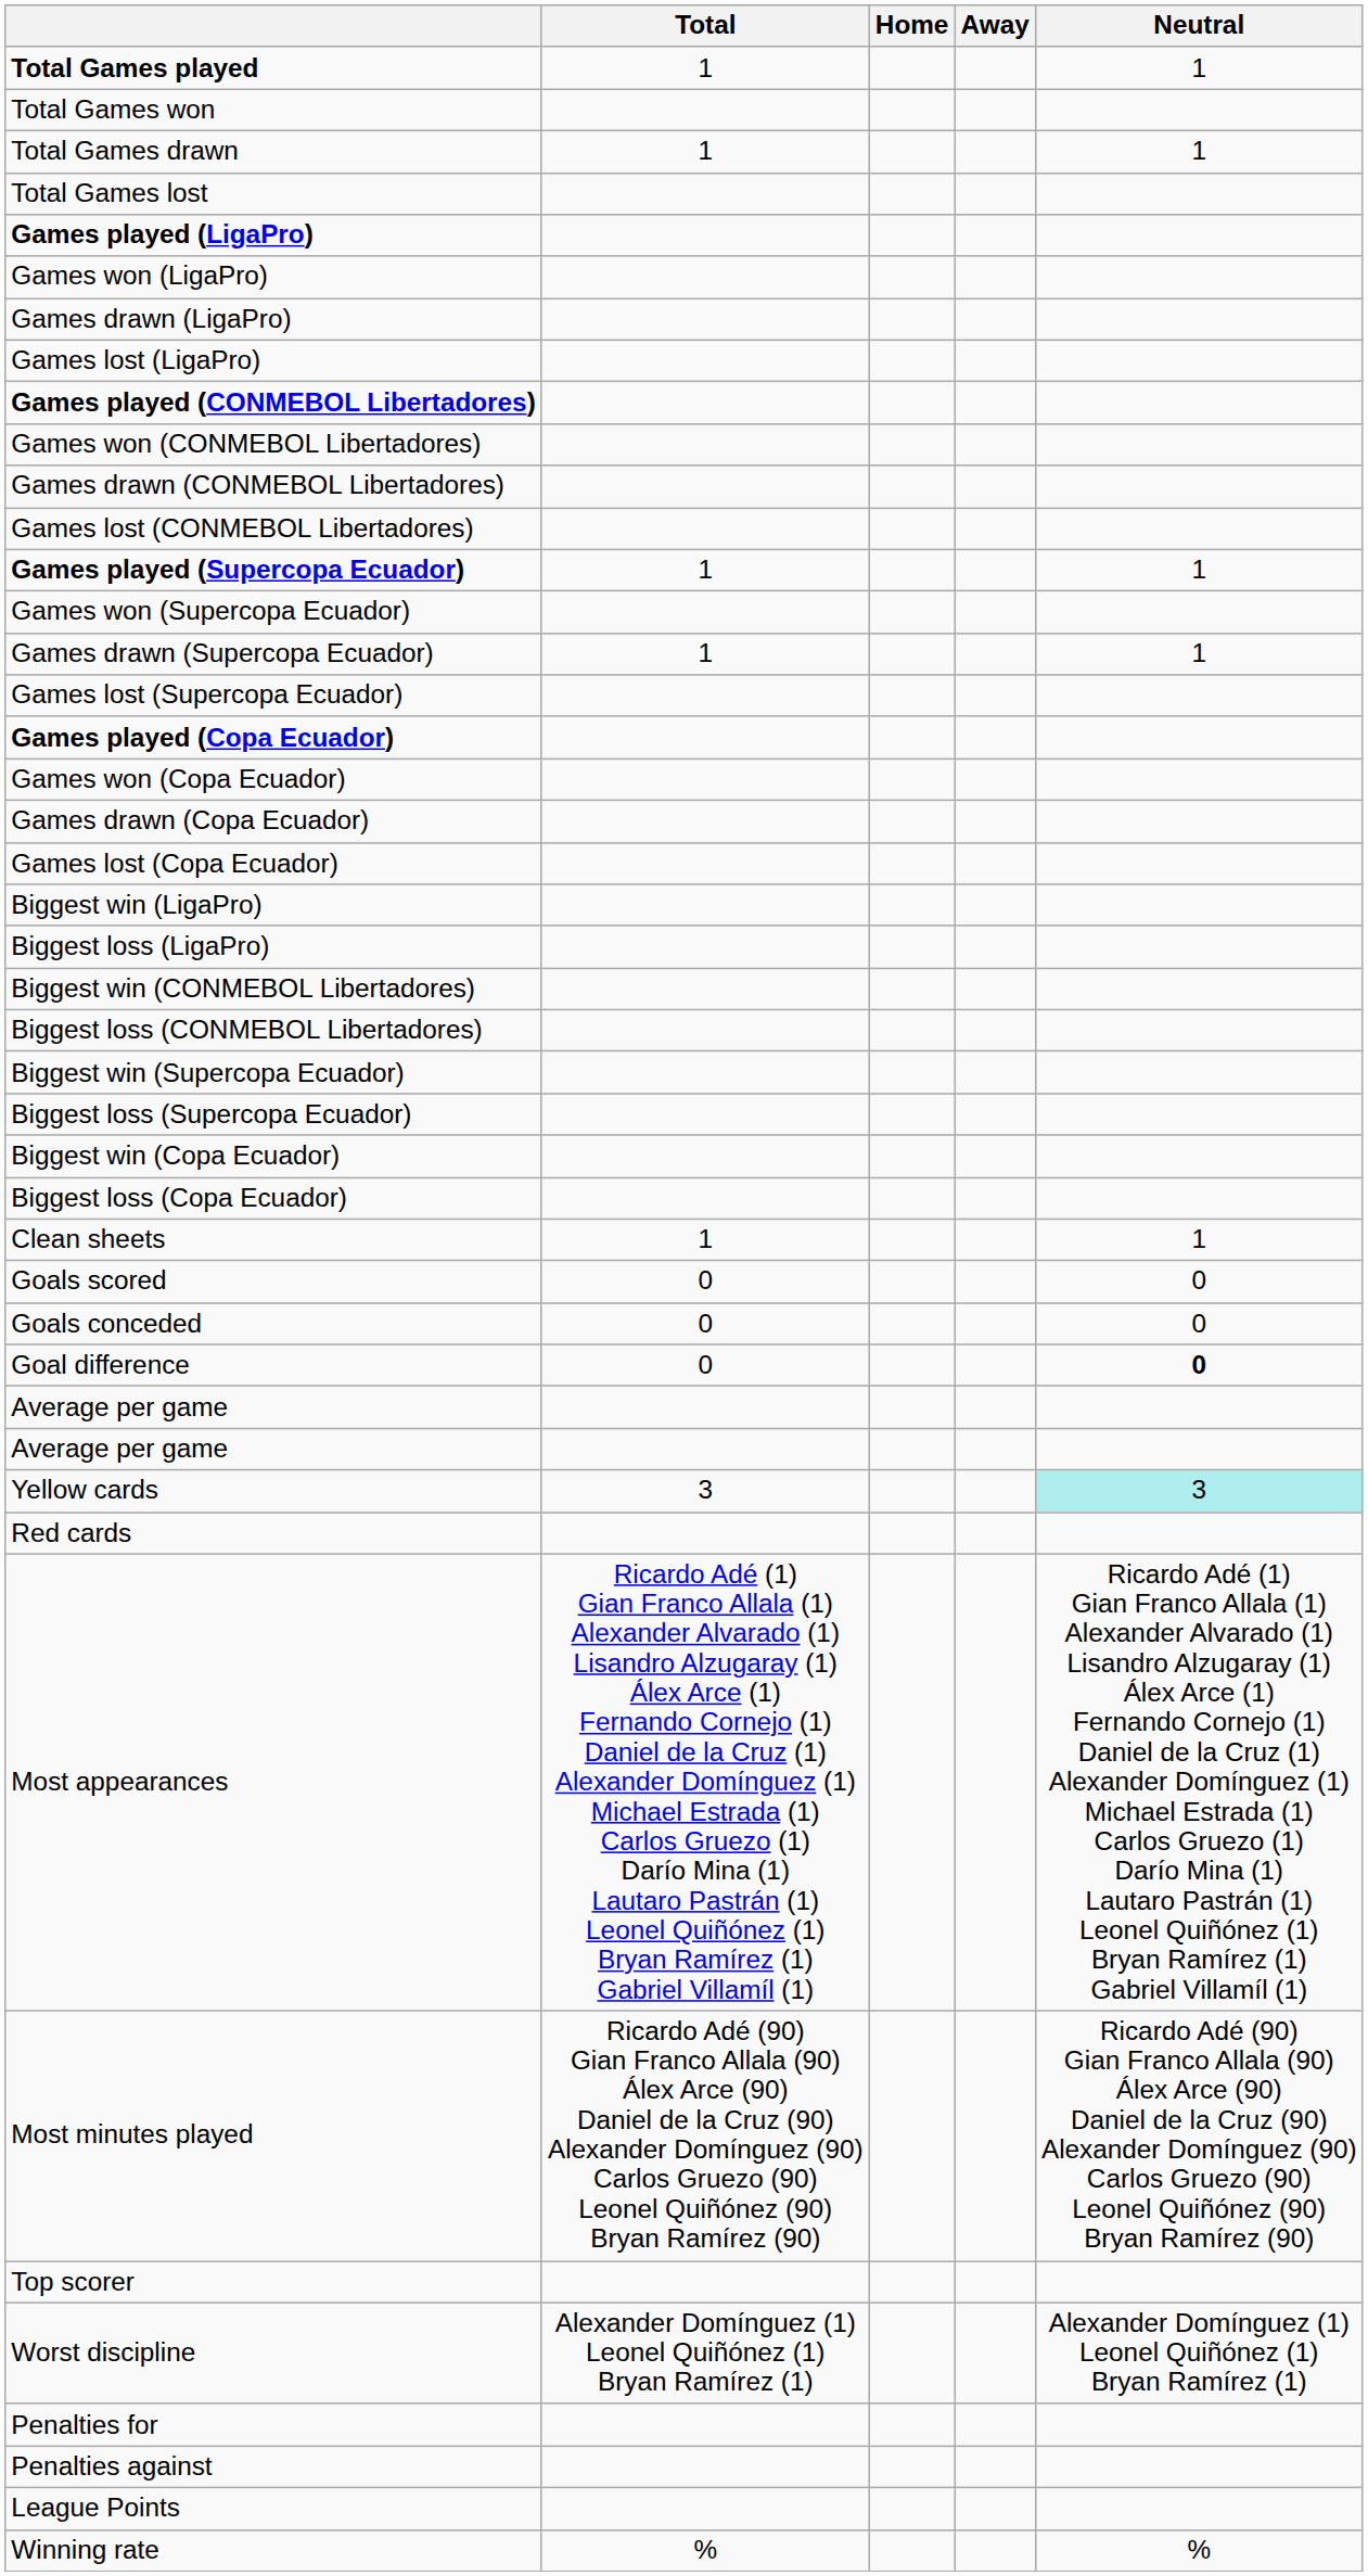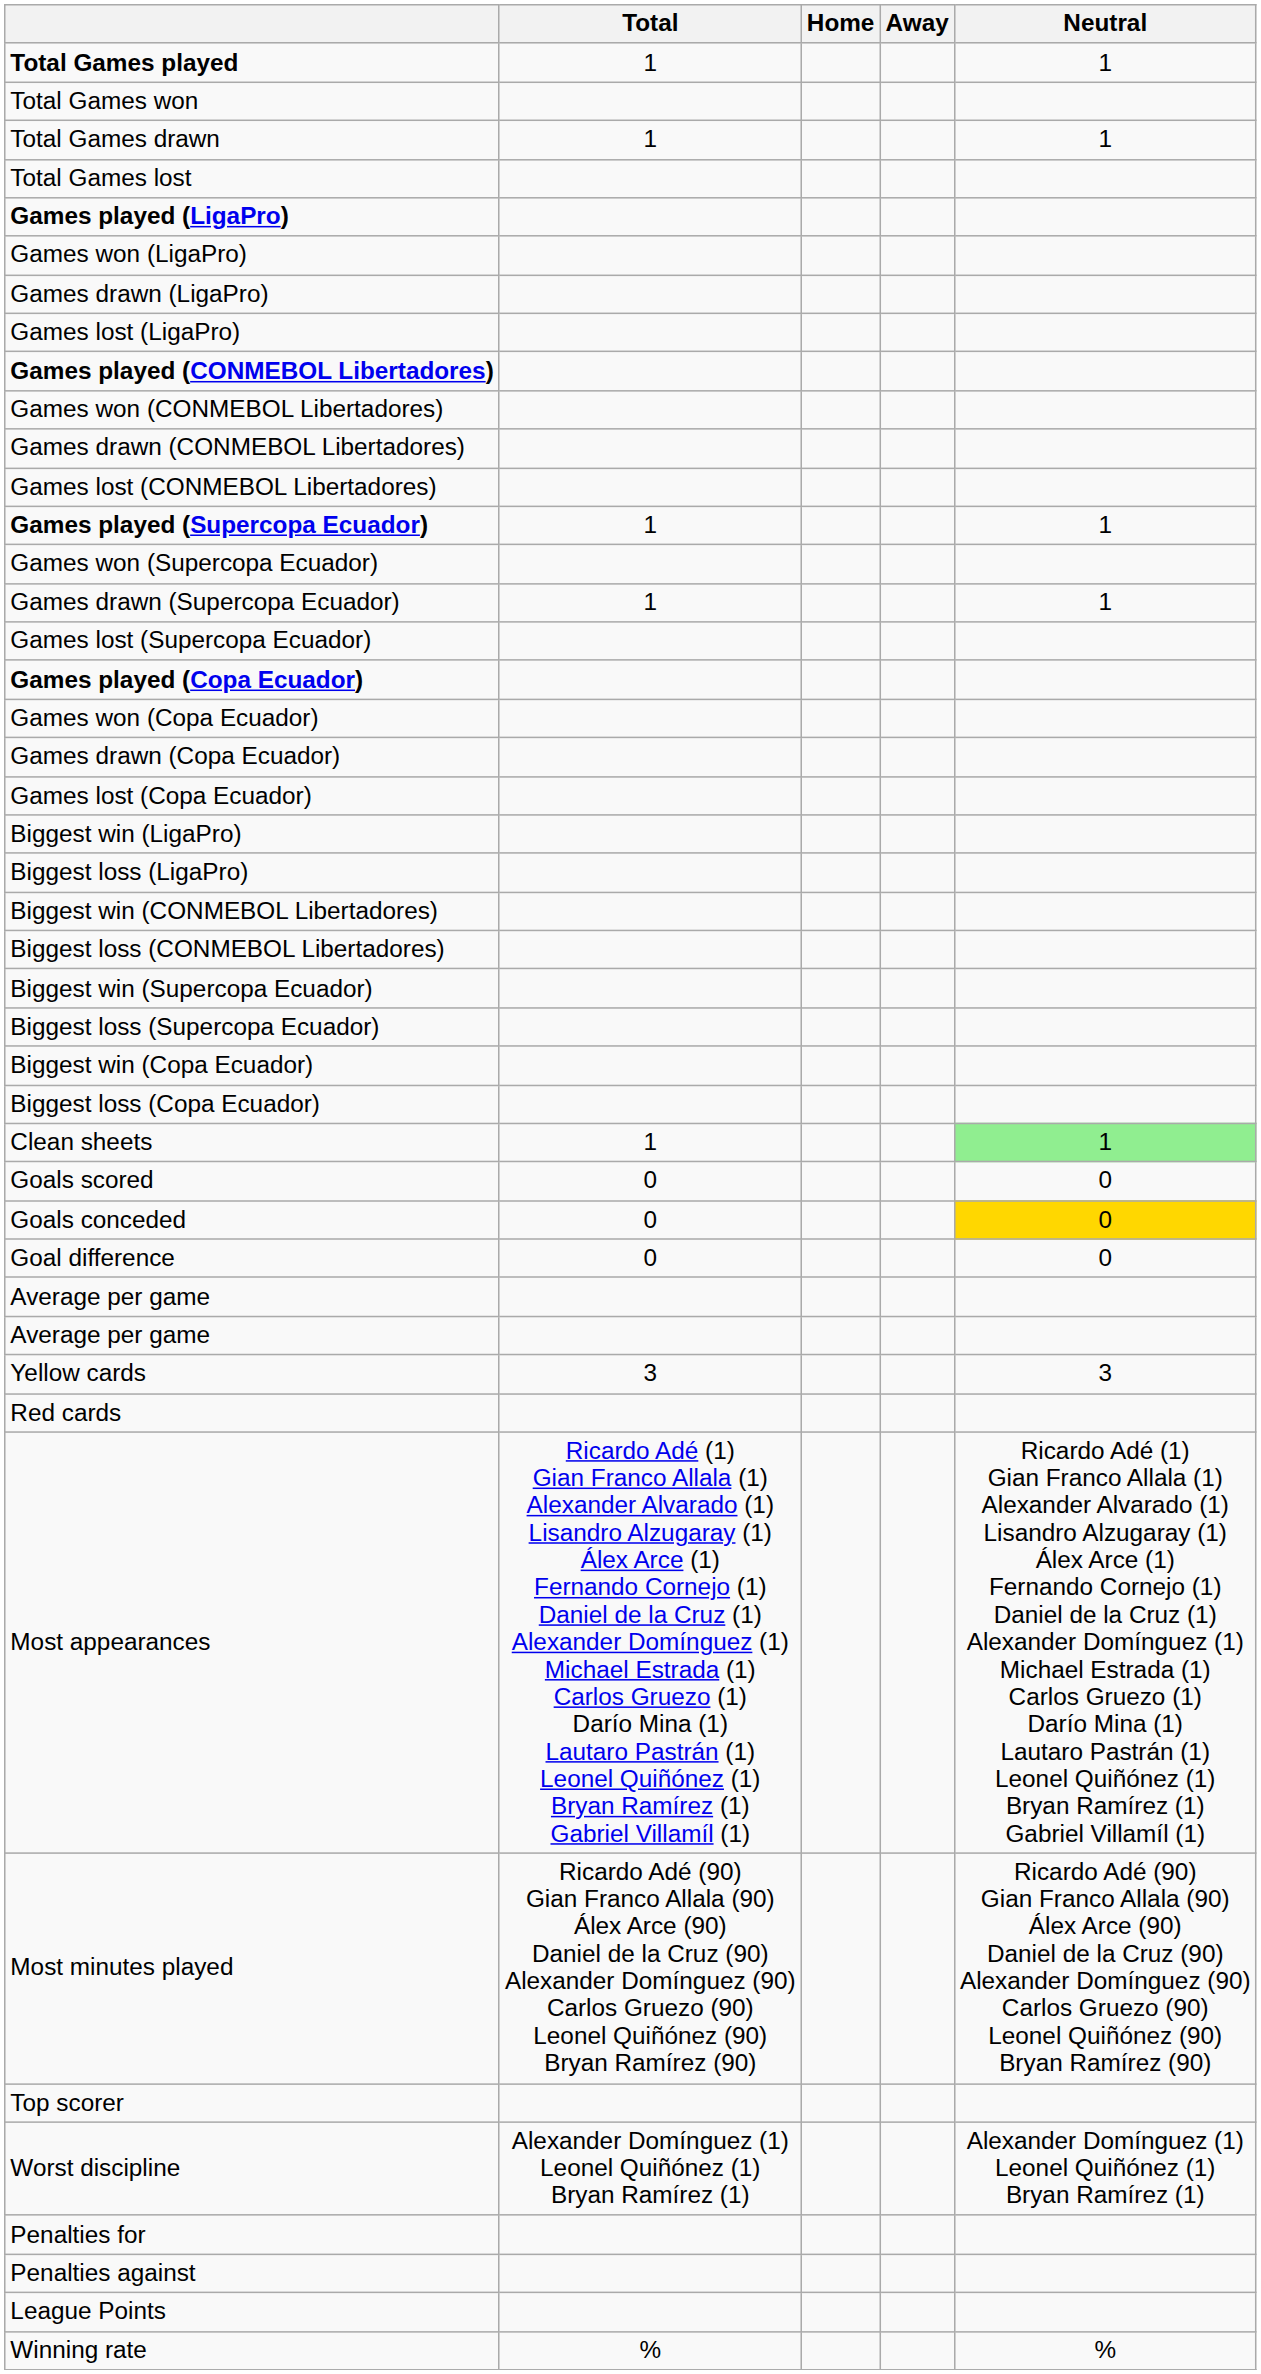 <table class="wikitable" style="text-align: center;">
 <tr>
 <th></th>
 <th>Total</th>
 <th>Home</th>
 <th>Away</th>
 <th>Neutral</th>
 </tr>
 <tr>
 <td align=left><strong>Total Games played</strong></td>
 <td>1</td>
 <td></td>
 <td></td>
 <td>1</td>
 </tr>
 <tr>
 <td align=left>Total Games won</td>
 <td></td>
 <td></td>
 <td></td>
 <td></td>
 </tr>
 <tr>
 <td align=left>Total Games drawn</td>
 <td>1</td>
 <td></td>
 <td></td>
 <td>1</td>
 </tr>
 <tr>
 <td align=left>Total Games lost</td>
 <td></td>
 <td></td>
 <td></td>
 <td></td>
 </tr>
 <tr>
 <td align=left><strong>Games played (<a href='#'>LigaPro</a>)</strong></td>
 <td></td>
 <td></td>
 <td></td>
 <td></td>
 </tr>
 <tr>
 <td align=left>Games won (LigaPro)</td>
 <td></td>
 <td></td>
 <td></td>
 <td></td>
 </tr>
 <tr>
 <td align=left>Games drawn (LigaPro)</td>
 <td></td>
 <td></td>
 <td></td>
 <td></td>
 </tr>
 <tr>
 <td align=left>Games lost (LigaPro)</td>
 <td></td>
 <td></td>
 <td></td>
 <td></td>
 </tr>
 <tr>
 <td align=left><strong>Games played (<a href='#'>CONMEBOL Libertadores</a>)</strong></td>
 <td></td>
 <td></td>
 <td></td>
 <td></td>
 </tr>
 <tr>
 <td align=left>Games won (CONMEBOL Libertadores)</td>
 <td></td>
 <td></td>
 <td></td>
 <td></td>
 </tr>
 <tr>
 <td align=left>Games drawn (CONMEBOL Libertadores)</td>
 <td></td>
 <td></td>
 <td></td>
 <td></td>
 </tr>
 <tr>
 <td align=left>Games lost (CONMEBOL Libertadores)</td>
 <td></td>
 <td></td>
 <td></td>
 <td></td>
 </tr>
 <tr>
 <td align=left><strong>Games played (<a href='#'>Supercopa Ecuador</a>)</strong></td>
 <td>1</td>
 <td></td>
 <td></td>
 <td>1</td>
 </tr>
 <tr>
 <td align=left>Games won (Supercopa Ecuador)</td>
 <td></td>
 <td></td>
 <td></td>
 <td></td>
 </tr>
 <tr>
 <td align=left>Games drawn (Supercopa Ecuador)</td>
 <td>1</td>
 <td></td>
 <td></td>
 <td>1</td>
 </tr>
 <tr>
 <td align=left>Games lost (Supercopa Ecuador)</td>
 <td></td>
 <td></td>
 <td></td>
 <td></td>
 </tr>
 <tr>
 <td align=left><strong>Games played (<a href='#'>Copa Ecuador</a>)</strong></td>
 <td></td>
 <td></td>
 <td></td>
 <td></td>
 </tr>
 <tr>
 <td align=left>Games won (Copa Ecuador)</td>
 <td></td>
 <td></td>
 <td></td>
 <td></td>
 </tr>
 <tr>
 <td align=left>Games drawn (Copa Ecuador)</td>
 <td></td>
 <td></td>
 <td></td>
 <td></td>
 </tr>
 <tr>
 <td align=left>Games lost (Copa Ecuador)</td>
 <td></td>
 <td></td>
 <td></td>
 <td></td>
 </tr>
 <tr>
 <td align=left>Biggest win (LigaPro)</td>
 <td></td>
 <td></td>
 <td></td>
 <td></td>
 </tr>
 <tr>
 <td align=left>Biggest loss (LigaPro)</td>
 <td></td>
 <td></td>
 <td></td>
 <td></td>
 </tr>
 <tr>
 <td align=left>Biggest win (CONMEBOL Libertadores)</td>
 <td></td>
 <td></td>
 <td></td>
 <td></td>
 </tr>
 <tr>
 <td align=left>Biggest loss (CONMEBOL Libertadores)</td>
 <td></td>
 <td></td>
 <td></td>
 <td></td>
 </tr>
 <tr>
 <td align=left>Biggest win (Supercopa Ecuador)</td>
 <td></td>
 <td></td>
 <td></td>
 <td></td>
 </tr>
 <tr>
 <td align=left>Biggest loss (Supercopa Ecuador)</td>
 <td></td>
 <td></td>
 <td></td>
 <td></td>
 </tr>
 <tr>
 <td align=left>Biggest win (Copa Ecuador)</td>
 <td></td>
 <td></td>
 <td></td>
 <td></td>
 </tr>
 <tr>
 <td align=left>Biggest loss (Copa Ecuador)</td>
 <td></td>
 <td></td>
 <td></td>
 <td></td>
 </tr>
 <tr>
 <td align=left>Clean sheets</td>
 <td>1</td>
 <td></td>
 <td></td>
-<td>1</td>
+<td style="background: lightgreen;">1</td>
 </tr>
 <tr>
 <td align=left>Goals scored</td>
 <td>0</td>
 <td></td>
 <td></td>
 <td>0</td>
 </tr>
 <tr>
 <td align=left>Goals conceded</td>
 <td>0</td>
 <td></td>
 <td></td>
-<td>0</td>
+<td style="background: gold;">0</td>
 </tr>
 <tr>
 <td align=left>Goal difference</td>
 <td>0</td>
 <td></td>
 <td></td>
-<td><strong>0</strong></td>
+<td>0</td>
 </tr>
 <tr>
 <td align=left>Average  per game</td>
 <td></td>
 <td></td>
 <td></td>
 <td></td>
 </tr>
 <tr>
 <td align=left>Average  per game</td>
 <td></td>
 <td></td>
 <td></td>
 <td></td>
 </tr>
 <tr>
 <td align=left>Yellow cards</td>
 <td>3</td>
 <td></td>
 <td></td>
-<td style="background: paleturquoise;">3</td>
+<td>3</td>
 </tr>
 <tr>
 <td align=left>Red cards</td>
 <td></td>
 <td></td>
 <td></td>
 <td></td>
 </tr>
 <tr>
 <td align=left>Most appearances</td>
 <td><a href='#'>Ricardo Adé</a> (1)<br><a href='#'>Gian Franco Allala</a> (1)<br><a href='#'>Alexander Alvarado</a> (1)<br><a href='#'>Lisandro Alzugaray</a> (1)<br><a href='#'>Álex Arce</a> (1)<br><a href='#'>Fernando Cornejo</a> (1)<br><a href='#'>Daniel de la Cruz</a> (1)<br><a href='#'>Alexander Domínguez</a> (1)<br><a href='#'>Michael Estrada</a> (1)<br><a href='#'>Carlos Gruezo</a> (1)<br>Darío Mina (1)<br><a href='#'>Lautaro Pastrán</a> (1)<br><a href='#'>Leonel Quiñónez</a> (1)<br><a href='#'>Bryan Ramírez</a> (1)<br><a href='#'>Gabriel Villamíl</a> (1)</td>
 <td></td>
 <td></td>
 <td>Ricardo Adé (1)<br>Gian Franco Allala (1)<br>Alexander Alvarado (1)<br>Lisandro Alzugaray (1)<br>Álex Arce (1)<br>Fernando Cornejo (1)<br>Daniel de la Cruz (1)<br>Alexander Domínguez (1)<br>Michael Estrada (1)<br>Carlos Gruezo (1)<br>Darío Mina (1)<br>Lautaro Pastrán (1)<br>Leonel Quiñónez (1)<br>Bryan Ramírez (1)<br>Gabriel Villamíl (1)</td>
 </tr>
 <tr>
 <td align=left>Most minutes played</td>
 <td>Ricardo Adé (90)<br>Gian Franco Allala (90)<br>Álex Arce (90)<br>Daniel de la Cruz (90)<br>Alexander Domínguez (90)<br>Carlos Gruezo (90)<br>Leonel Quiñónez (90)<br>Bryan Ramírez (90)</td>
 <td></td>
 <td></td>
 <td>Ricardo Adé (90)<br>Gian Franco Allala (90)<br>Álex Arce (90)<br>Daniel de la Cruz (90)<br>Alexander Domínguez (90)<br>Carlos Gruezo (90)<br>Leonel Quiñónez (90)<br>Bryan Ramírez (90)</td>
 </tr>
 <tr>
 <td align=left>Top scorer</td>
 <td></td>
 <td></td>
 <td></td>
 <td></td>
 </tr>
 <tr>
 <td align=left>Worst discipline</td>
 <td>Alexander Domínguez (1) <br>Leonel Quiñónez (1) <br>Bryan Ramírez (1) </td>
 <td></td>
 <td></td>
 <td>Alexander Domínguez (1) <br>Leonel Quiñónez (1) <br>Bryan Ramírez (1) </td>
 </tr>
 <tr>
 <td align=left>Penalties for</td>
 <td></td>
 <td></td>
 <td></td>
 <td></td>
 </tr>
 <tr>
 <td align=left>Penalties against</td>
 <td></td>
 <td></td>
 <td></td>
 <td></td>
 </tr>
 <tr>
 <td align=left>League Points</td>
 <td></td>
 <td></td>
 <td></td>
 <td></td>
 </tr>
 <tr>
 <td align=left>Winning rate</td>
 <td>%</td>
 <td></td>
 <td></td>
 <td>%</td>
 </tr>
 <tr>
 </tr>
 </table>
